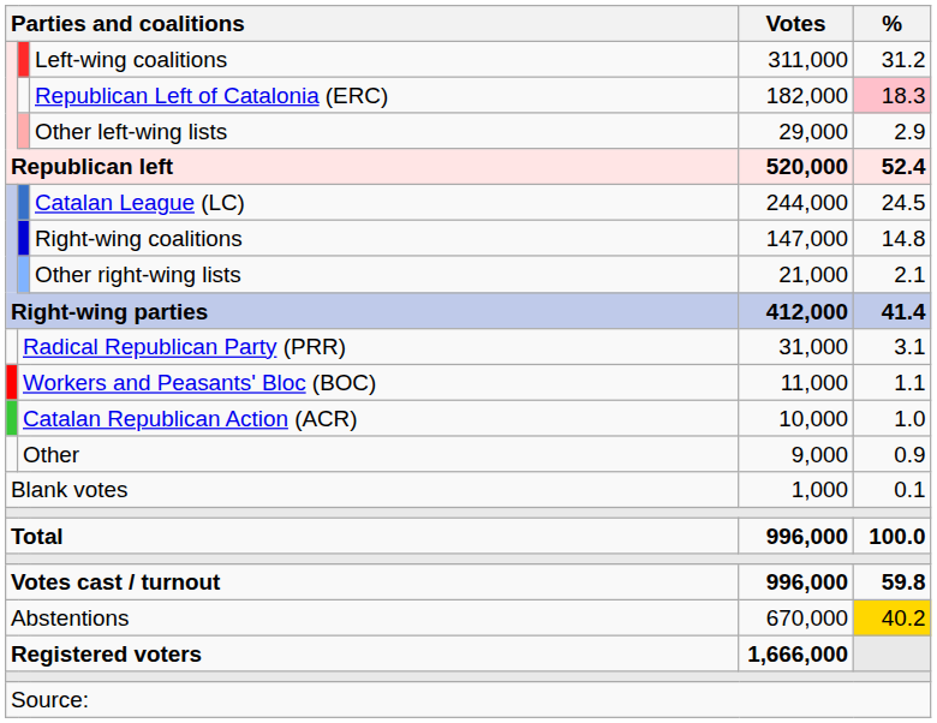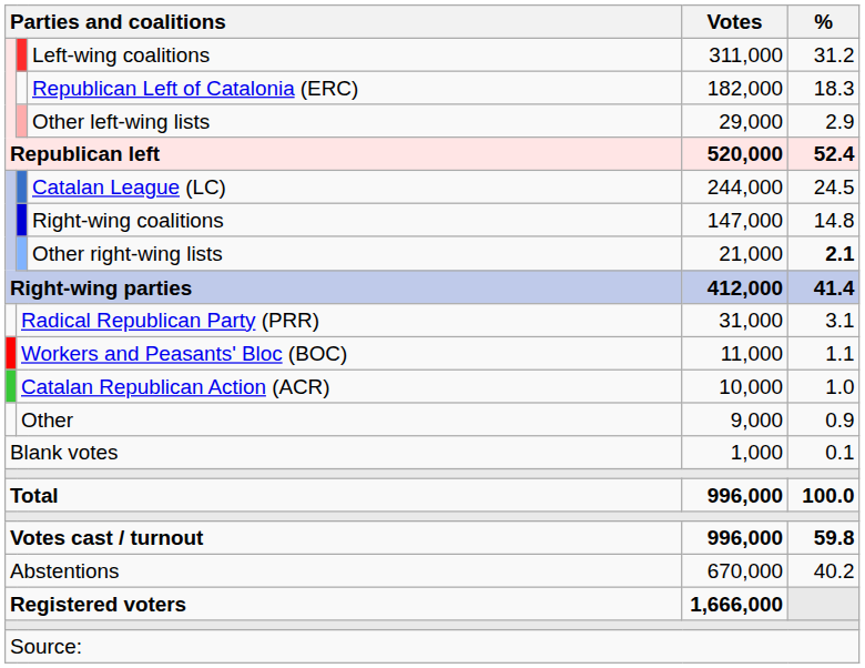 <table class="wikitable" style="text-align:right; font-size:95%; margin-bottom:0;">
 <tr>
 <th style="text-align:left;"  colspan="3" width="485">Parties and coalitions</th>
 <th width="70">Votes</th>
 <th width="45">%</th>
 </tr>
 <tr>
 <td width="1" style="background-color:#FFE5E5; border-bottom-style:hidden;" rowspan="3"></td>
 <td width="1" style="color:inherit;background:#FF2A2A"></td>
 <td align="left">Left-wing coalitions</td>
 <td>311,000</td>
 <td>31.2</td>
 </tr>
 <tr>
 <td width="1" style="color:inherit;background:"></td>
 <td align="left"><a href='#'>Republican Left of Catalonia</a> (ERC)</td>
 <td>182,000</td>
-<td style="background: pink;">18.3</td>
+<td>18.3</td>
 </tr>
 <tr>
 <td width="1" style="color:inherit;background:#FFACAC"></td>
 <td align="left">Other left-wing lists</td>
 <td>29,000</td>
 <td>2.9</td>
 </tr>
 <tr style="background-color:#FFE5E5;">
 <td align="left" colspan="3"><strong>Republican left</strong></td>
 <td><strong>520,000</strong></td>
 <td><strong>52.4</strong></td>
 </tr>
 <tr>
 <td style="background-color:#BFCAEA; border-bottom-style:hidden;" rowspan="3"></td>
 <td style="color:inherit;background:#3771C8"></td>
 <td align="left"><a href='#'>Catalan League</a> (LC)</td>
 <td>244,000</td>
 <td>24.5</td>
 </tr>
 <tr>
 <td style="color:inherit;background:#0000D4"></td>
 <td align="left">Right-wing coalitions</td>
 <td>147,000</td>
 <td>14.8</td>
 </tr>
 <tr>
 <td style="color:inherit;background:#80B3FF"></td>
 <td align="left">Other right-wing lists</td>
 <td>21,000</td>
-<td>2.1</td>
+<td><strong>2.1</strong></td>
 </tr>
 <tr style="background-color:#BFCAEA;">
 <td align="left" colspan="3"><strong>Right-wing parties</strong></td>
 <td><strong>412,000</strong></td>
 <td><strong>41.4</strong></td>
 </tr>
 <tr>
 <td style="color:inherit;background:"></td>
 <td align="left" colspan="2"><a href='#'>Radical Republican Party</a> (PRR)</td>
 <td>31,000</td>
 <td>3.1</td>
 </tr>
 <tr>
 <td bgcolor="red"></td>
 <td align="left" colspan="2"><a href='#'>Workers and Peasants' Bloc</a> (BOC)</td>
 <td>11,000</td>
 <td>1.1</td>
 </tr>
 <tr>
 <td style="color:inherit;background:#37C837"></td>
 <td align="left" colspan="2"><a href='#'>Catalan Republican Action</a> (ACR)</td>
 <td>10,000</td>
 <td>1.0</td>
 </tr>
 <tr>
 <td style="color:inherit;background:"></td>
 <td align="left" colspan="2">Other</td>
 <td>9,000</td>
 <td>0.9</td>
 </tr>
 <tr>
 <td colspan="3" align="left">Blank votes</td>
 <td>1,000</td>
 <td>0.1</td>
 </tr>
 <tr>
 <td colspan="5" bgcolor="#E9E9E9"></td>
 </tr>
 <tr style="font-weight:bold;">
 <td align="left" colspan="3">Total</td>
 <td>996,000</td>
 <td>100.0</td>
 </tr>
 <tr>
 <td colspan="5" bgcolor="#E9E9E9"></td>
 </tr>
 <tr style="font-weight:bold;">
 <td align="left" colspan="3">Votes cast / turnout</td>
 <td>996,000</td>
 <td>59.8</td>
 </tr>
 <tr>
 <td align="left" colspan="3">Abstentions</td>
 <td>670,000</td>
-<td style="background: gold;">40.2</td>
+<td>40.2</td>
 </tr>
 <tr style="font-weight:bold;">
 <td align="left" colspan="3">Registered voters</td>
 <td>1,666,000</td>
 <td bgcolor="#E9E9E9"></td>
 </tr>
 <tr>
 <td colspan="5" bgcolor="#E9E9E9"></td>
 </tr>
 <tr>
 <td align="left" colspan="5">Source:</td>
 </tr>
 </table>
